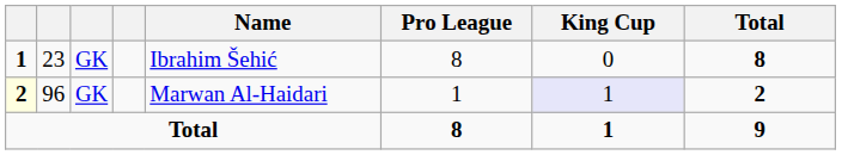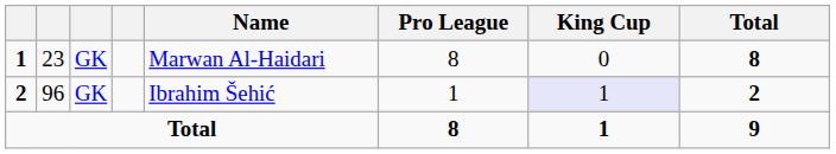 <table class="wikitable" style="text-align:center">
 <tr>
 <th width=15></th>
 <th width=15></th>
 <th width=15></th>
 <th width=15></th>
 <th width=160>Name</th>
 <th width=100>Pro League</th>
 <th width=100>King Cup</th>
 <th width=100>Total</th>
 </tr>
 <tr>
 <td><strong>1</strong></td>
 <td>23</td>
 <td><a href='#'>GK</a></td>
 <td></td>
-<td align=left><a href='#'>Ibrahim Šehić</a></td>
+<td align=left><a href='#'>Marwan Al-Haidari</a></td>
 <td>8</td>
 <td>0</td>
 <td><strong>8</strong></td>
 </tr>
 <tr>
-<td style="background: lightyellow;"><strong>2</strong></td>
+<td><strong>2</strong></td>
 <td>96</td>
 <td><a href='#'>GK</a></td>
 <td></td>
-<td align=left><a href='#'>Marwan Al-Haidari</a></td>
+<td align=left><a href='#'>Ibrahim Šehić</a></td>
 <td>1</td>
 <td style="background: lavender;">1</td>
 <td><strong>2</strong></td>
 </tr>
 <tr>
 <td colspan=5><strong>Total</strong></td>
 <td><strong>8</strong></td>
 <td><strong>1</strong></td>
 <td><strong>9</strong></td>
 </tr>
 </table>
